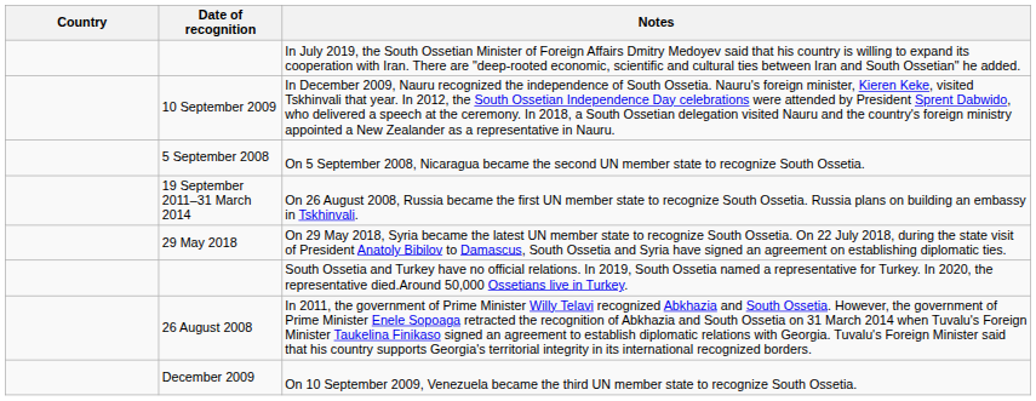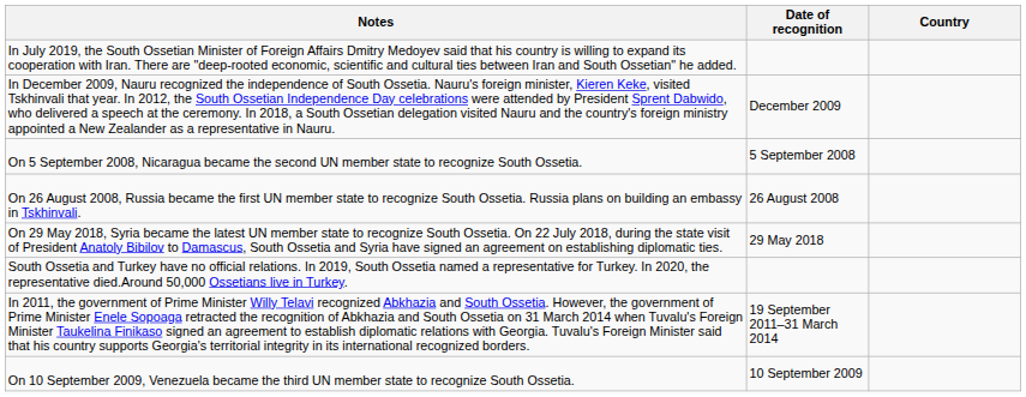 <table class="wikitable sortable" style="margin:auto;">
 <tr>
+<th>Notes</th>
+<th style="width:12%;">Date of recognition</th>
 <th style="width:15%;">Country</th>
-<th style="width:12%;">Date of recognition</th>
-<th>Notes</th>
 </tr>
 <tr -valign="top">
+<td>In July 2019, the South Ossetian Minister of Foreign Affairs Dmitry Medoyev said that his country is willing to expand its cooperation with Iran. There are "deep-rooted economic, scientific and cultural ties between Iran and South Ossetian" he added.</td>
 <td></td>
 <td></td>
-<td>In July 2019, the South Ossetian Minister of Foreign Affairs Dmitry Medoyev said that his country is willing to expand its cooperation with Iran. There are "deep-rooted economic, scientific and cultural ties between Iran and South Ossetian" he added.</td>
 </tr>
 <tr -valign="top">
+<td>In December 2009, Nauru recognized the independence of South Ossetia. Nauru's foreign minister, <a href='#'>Kieren Keke</a>, visited Tskhinvali that year. In 2012, the <a href='#'>South Ossetian Independence Day celebrations</a> were attended by President <a href='#'>Sprent Dabwido</a>, who delivered a speech at the ceremony. In 2018, a South Ossetian delegation visited Nauru and the country's foreign ministry appointed a New Zealander as a representative in Nauru.</td>
+<td>December 2009</td>
 <td></td>
-<td>10 September 2009</td>
-<td>In December 2009, Nauru recognized the independence of South Ossetia. Nauru's foreign minister, <a href='#'>Kieren Keke</a>, visited Tskhinvali that year. In 2012, the <a href='#'>South Ossetian Independence Day celebrations</a> were attended by President <a href='#'>Sprent Dabwido</a>, who delivered a speech at the ceremony. In 2018, a South Ossetian delegation visited Nauru and the country's foreign ministry appointed a New Zealander as a representative in Nauru.</td>
 </tr>
 <tr -valign="top">
+<td><br>On 5 September 2008, Nicaragua became the second UN member state to recognize South Ossetia.</td>
+<td>5 September 2008</td>
 <td></td>
-<td>5 September 2008</td>
-<td><br>On 5 September 2008, Nicaragua became the second UN member state to recognize South Ossetia.</td>
 </tr>
 <tr -valign="top">
+<td><br>On 26 August 2008, Russia became the first UN member state to recognize South Ossetia. Russia plans on building an embassy in <a href='#'>Tskhinvali</a>.</td>
+<td>26 August 2008</td>
 <td></td>
-<td>19 September 2011–31 March 2014</td>
-<td><br>On 26 August 2008, Russia became the first UN member state to recognize South Ossetia. Russia plans on building an embassy in <a href='#'>Tskhinvali</a>.</td>
 </tr>
 <tr -valign="top">
+<td>On 29 May 2018, Syria became the latest UN member state to recognize South Ossetia. On 22 July 2018, during the state visit of President <a href='#'>Anatoly Bibilov</a> to <a href='#'>Damascus</a>, South Ossetia and Syria have signed an agreement on establishing diplomatic ties.</td>
+<td>29 May 2018</td>
 <td></td>
-<td>29 May 2018</td>
-<td>On 29 May 2018, Syria became the latest UN member state to recognize South Ossetia. On 22 July 2018, during the state visit of President <a href='#'>Anatoly Bibilov</a> to <a href='#'>Damascus</a>, South Ossetia and Syria have signed an agreement on establishing diplomatic ties.</td>
 </tr>
 <tr -valign="top">
+<td>South Ossetia and Turkey have no official relations. In 2019, South Ossetia named a representative for Turkey. In 2020, the representative died.Around 50,000 <a href='#'>Ossetians live in Turkey</a>.</td>
 <td></td>
 <td></td>
-<td>South Ossetia and Turkey have no official relations. In 2019, South Ossetia named a representative for Turkey. In 2020, the representative died.Around 50,000 <a href='#'>Ossetians live in Turkey</a>.</td>
 </tr>
 <tr -valign="top">
+<td>In 2011, the government of Prime Minister <a href='#'>Willy Telavi</a> recognized <a href='#'>Abkhazia</a> and <a href='#'>South Ossetia</a>. However, the government of Prime Minister <a href='#'>Enele Sopoaga</a> retracted the recognition of Abkhazia and South Ossetia on 31 March 2014 when Tuvalu's Foreign Minister <a href='#'>Taukelina Finikaso</a> signed an agreement to establish diplomatic relations with Georgia. Tuvalu's Foreign Minister said that his country supports Georgia's territorial integrity in its international recognized borders.</td>
+<td>19 September 2011–31 March 2014</td>
 <td></td>
-<td>26 August 2008</td>
-<td>In 2011, the government of Prime Minister <a href='#'>Willy Telavi</a> recognized <a href='#'>Abkhazia</a> and <a href='#'>South Ossetia</a>. However, the government of Prime Minister <a href='#'>Enele Sopoaga</a> retracted the recognition of Abkhazia and South Ossetia on 31 March 2014 when Tuvalu's Foreign Minister <a href='#'>Taukelina Finikaso</a> signed an agreement to establish diplomatic relations with Georgia. Tuvalu's Foreign Minister said that his country supports Georgia's territorial integrity in its international recognized borders.</td>
 </tr>
 <tr -valign="top">
+<td><br>On 10 September 2009, Venezuela became the third UN member state to recognize South Ossetia.</td>
+<td>10 September 2009</td>
 <td></td>
-<td>December 2009</td>
-<td><br>On 10 September 2009, Venezuela became the third UN member state to recognize South Ossetia.</td>
 </tr>
 </table>
